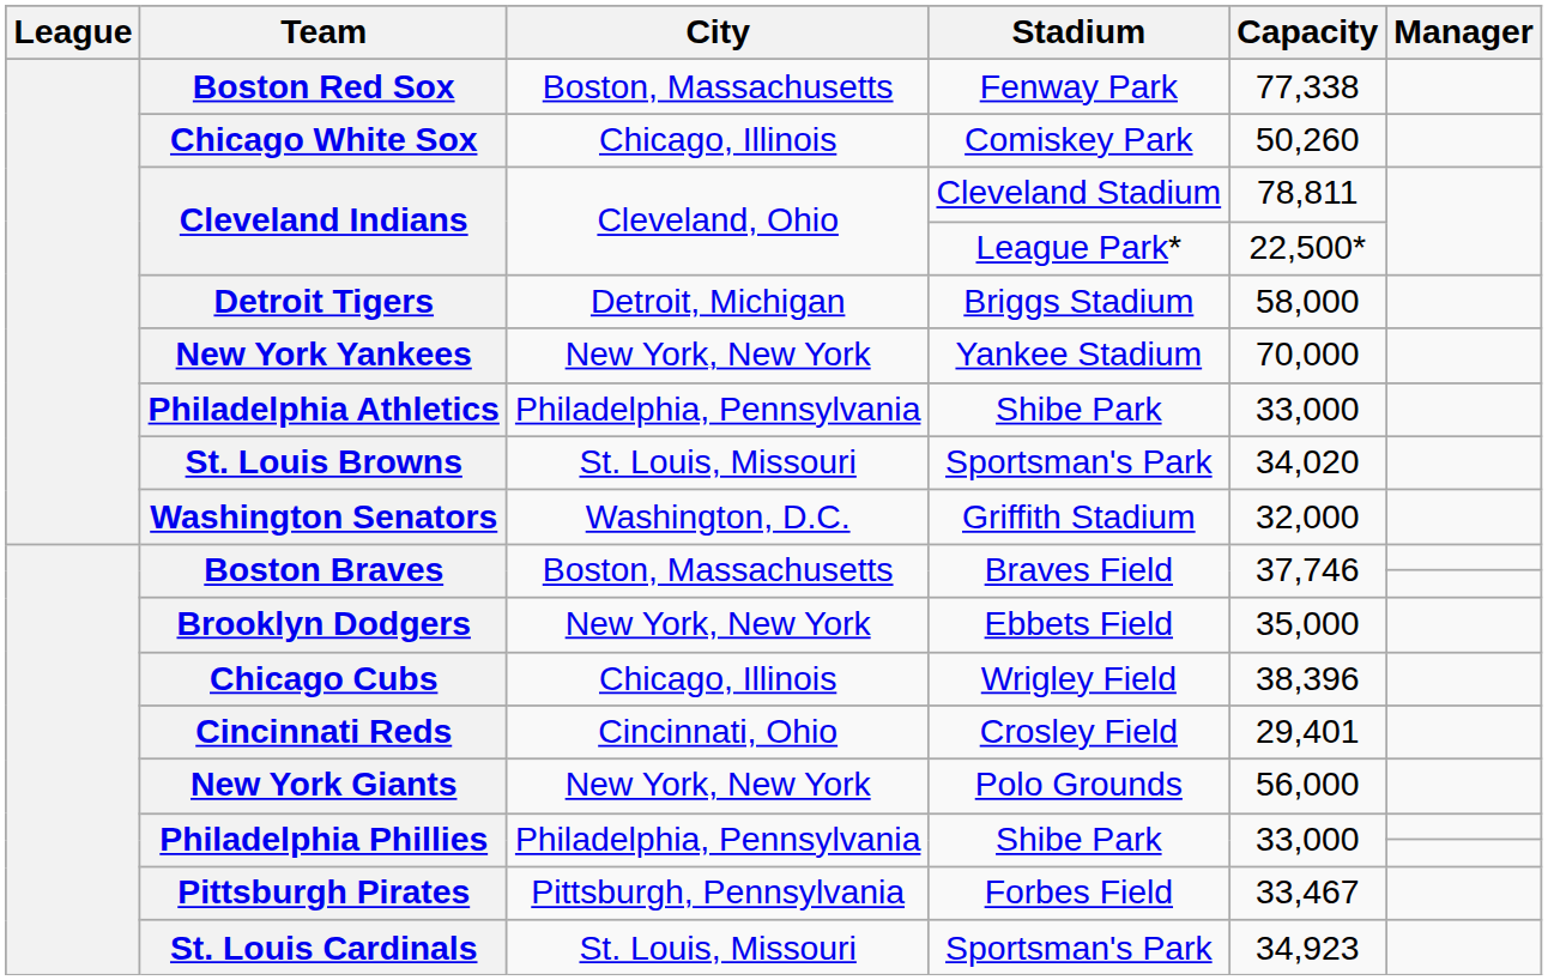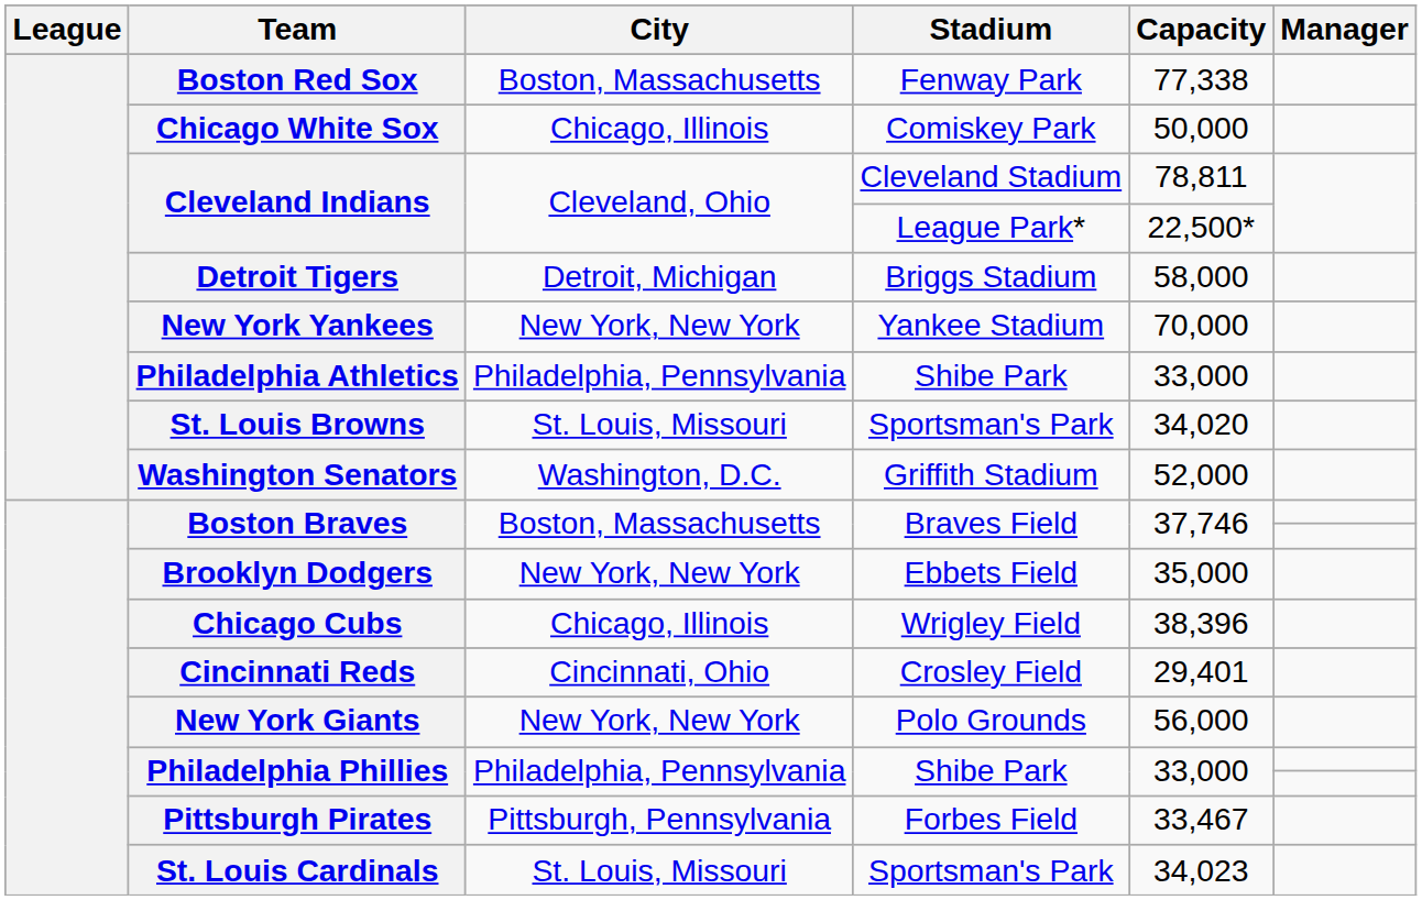 <table class="wikitable sortable plainrowheaders" style="text-align:center;">
 <tr>
 <th scope="col">League</th>
 <th scope="col">Team</th>
 <th scope="col">City</th>
 <th scope="col">Stadium</th>
 <th scope="col">Capacity</th>
 <th scope="col">Manager</th>
 </tr>
 <tr>
 <th rowspan="9"></th>
 <th scope="row"><a href='#'>Boston Red Sox</a></th>
 <td><a href='#'>Boston, Massachusetts</a></td>
 <td><a href='#'>Fenway Park</a></td>
 <td>77,338</td>
 <td></td>
 </tr>
 <tr>
 <th scope="row"><a href='#'>Chicago White Sox</a></th>
 <td><a href='#'>Chicago, Illinois</a></td>
 <td><a href='#'>Comiskey Park</a></td>
-<td>50,260</td>
+<td>50,000</td>
 <td></td>
 </tr>
 <tr>
 <th rowspan="2" scope="row"><a href='#'>Cleveland Indians</a></th>
 <td rowspan="2"><a href='#'>Cleveland, Ohio</a></td>
 <td><a href='#'>Cleveland Stadium</a></td>
 <td>78,811</td>
 <td rowspan="2"></td>
 </tr>
 <tr>
 <td><a href='#'>League Park</a>*</td>
 <td>22,500*</td>
 </tr>
 <tr>
 <th scope="row"><a href='#'>Detroit Tigers</a></th>
 <td><a href='#'>Detroit, Michigan</a></td>
 <td><a href='#'>Briggs Stadium</a></td>
 <td>58,000</td>
 <td></td>
 </tr>
 <tr>
 <th scope="row"><a href='#'>New York Yankees</a></th>
 <td><a href='#'>New York, New York</a></td>
 <td><a href='#'>Yankee Stadium</a></td>
 <td>70,000</td>
 <td></td>
 </tr>
 <tr>
 <th scope="row"><a href='#'>Philadelphia Athletics</a></th>
 <td><a href='#'>Philadelphia, Pennsylvania</a></td>
 <td><a href='#'>Shibe Park</a></td>
 <td>33,000</td>
 <td></td>
 </tr>
 <tr>
 <th scope="row"><a href='#'>St. Louis Browns</a></th>
 <td><a href='#'>St. Louis, Missouri</a></td>
 <td><a href='#'>Sportsman's Park</a></td>
 <td>34,020</td>
 <td></td>
 </tr>
 <tr>
 <th scope="row"><a href='#'>Washington Senators</a></th>
 <td><a href='#'>Washington, D.C.</a></td>
 <td><a href='#'>Griffith Stadium</a></td>
-<td>32,000</td>
+<td>52,000</td>
 <td></td>
 </tr>
 <tr>
 <th rowspan="10"></th>
 <th rowspan="2" scope="row"><a href='#'>Boston Braves</a></th>
 <td rowspan="2"><a href='#'>Boston, Massachusetts</a></td>
 <td rowspan="2"><a href='#'>Braves Field</a></td>
 <td rowspan="2">37,746</td>
 <td></td>
 </tr>
 <tr>
 <td></td>
 </tr>
 <tr>
 <th scope="row"><a href='#'>Brooklyn Dodgers</a></th>
 <td><a href='#'>New York, New York</a></td>
 <td><a href='#'>Ebbets Field</a></td>
 <td>35,000</td>
 <td></td>
 </tr>
 <tr>
 <th scope="row"><a href='#'>Chicago Cubs</a></th>
 <td><a href='#'>Chicago, Illinois</a></td>
 <td><a href='#'>Wrigley Field</a></td>
 <td>38,396</td>
 <td></td>
 </tr>
 <tr>
 <th scope="row"><a href='#'>Cincinnati Reds</a></th>
 <td><a href='#'>Cincinnati, Ohio</a></td>
 <td><a href='#'>Crosley Field</a></td>
 <td>29,401</td>
 <td></td>
 </tr>
 <tr>
 <th scope="row"><a href='#'>New York Giants</a></th>
 <td><a href='#'>New York, New York</a></td>
 <td><a href='#'>Polo Grounds</a></td>
 <td>56,000</td>
 <td></td>
 </tr>
 <tr>
 <th rowspan="2" scope="row"><a href='#'>Philadelphia Phillies</a></th>
 <td rowspan="2"><a href='#'>Philadelphia, Pennsylvania</a></td>
 <td rowspan="2"><a href='#'>Shibe Park</a></td>
 <td rowspan="2">33,000</td>
 <td></td>
 </tr>
 <tr>
 <td></td>
 </tr>
 <tr>
 <th scope="row"><a href='#'>Pittsburgh Pirates</a></th>
 <td><a href='#'>Pittsburgh, Pennsylvania</a></td>
 <td><a href='#'>Forbes Field</a></td>
 <td>33,467</td>
 <td></td>
 </tr>
 <tr>
 <th scope="row"><a href='#'>St. Louis Cardinals</a></th>
 <td><a href='#'>St. Louis, Missouri</a></td>
 <td><a href='#'>Sportsman's Park</a></td>
-<td>34,923</td>
+<td>34,023</td>
 <td></td>
 </tr>
 </table>
